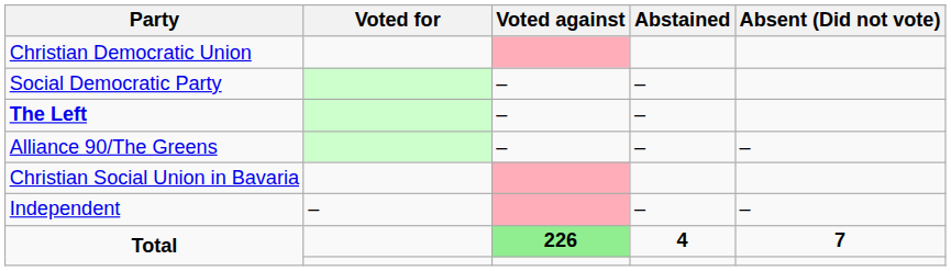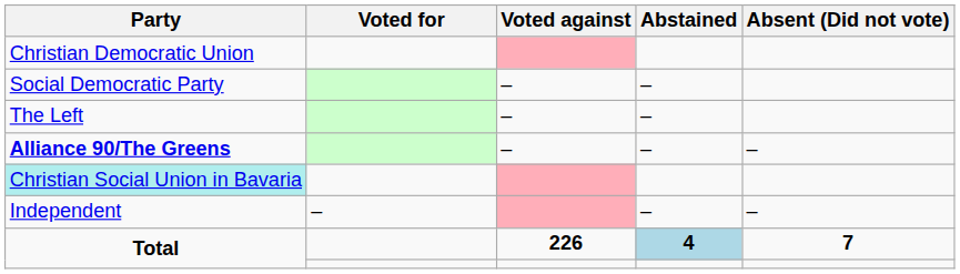 <table class="wikitable">
 <tr>
 <th>Party</th>
 <th style="width:20%;">Voted for</th>
 <th>Voted against</th>
 <th>Abstained</th>
 <th>Absent (Did not vote)</th>
 </tr>
 <tr>
 <td> <a href='#'>Christian Democratic Union</a></td>
 <td></td>
 <td style="background-color:#FFAEB9;"></td>
 <td></td>
 <td></td>
 </tr>
 <tr>
 <td> <a href='#'>Social Democratic Party</a></td>
 <td style="background-color:#CCFFCC;"></td>
 <td>–</td>
 <td>–</td>
 <td></td>
 </tr>
 <tr>
-<td><strong> <a href='#'>The Left</a></strong></td>
+<td> <a href='#'>The Left</a></td>
 <td style="background-color:#CCFFCC;"></td>
 <td>–</td>
 <td>–</td>
 <td></td>
 </tr>
 <tr>
-<td> <a href='#'>Alliance 90/The Greens</a></td>
+<td><strong> <a href='#'>Alliance 90/The Greens</a></strong></td>
 <td style="background-color:#CCFFCC;"></td>
 <td>–</td>
 <td>–</td>
 <td>–</td>
 </tr>
 <tr>
-<td> <a href='#'>Christian Social Union in Bavaria</a></td>
+<td style="background: paleturquoise;"> <a href='#'>Christian Social Union in Bavaria</a></td>
 <td></td>
 <td style="background-color:#FFAEB9;"></td>
 <td></td>
 <td></td>
 </tr>
 <tr>
 <td> <a href='#'>Independent</a></td>
 <td>–</td>
 <td style="background-color:#FFAEB9;"></td>
 <td>–</td>
 <td>–</td>
 </tr>
 <tr>
 <td style="text-align:center;" rowspan="2"><strong>Total</strong></td>
 <td></td>
-<td style="background: lightgreen; text-align:center;"><strong>226</strong></td>
-<td style="text-align:center;"><strong>4</strong></td>
+<td style="text-align:center;"><strong>226</strong></td>
+<td style="background: lightblue; text-align:center;"><strong>4</strong></td>
 <td style="text-align:center;"><strong>7</strong></td>
 </tr>
 <tr>
 <td style="text-align:center;"></td>
 <td style="text-align:center;"></td>
 <td style="text-align:center;"></td>
 <td style="text-align:center;"></td>
 </tr>
 </table>
